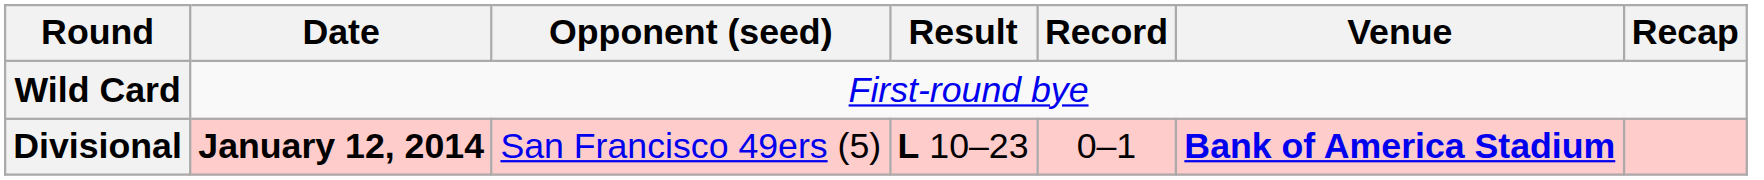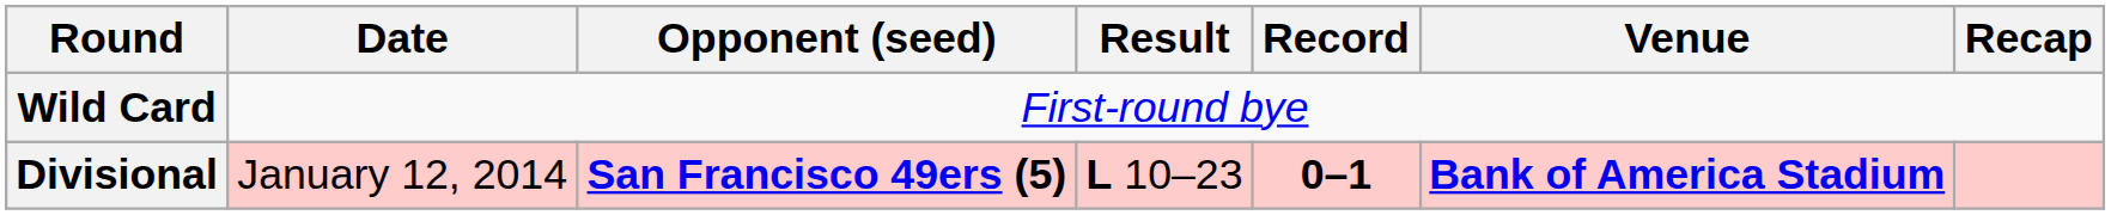 <table class="wikitable" style="text-align:center">
 <tr>
 <th>Round</th>
 <th>Date</th>
 <th>Opponent (seed)</th>
 <th>Result</th>
 <th>Record</th>
 <th>Venue</th>
 <th>Recap</th>
 </tr>
 <tr>
 <th>Wild Card</th>
 <td colspan="6"><em><a href='#'>First-round bye</a></em></td>
 </tr>
 <tr style="background:#fcc">
 <th>Divisional</th>
-<td><strong>January 12, 2014</strong></td>
-<td><a href='#'>San Francisco 49ers</a> (5)</td>
+<td>January 12, 2014</td>
+<td><strong><a href='#'>San Francisco 49ers</a> (5)</strong></td>
 <td><strong>L</strong> 10–23</td>
-<td>0–1</td>
+<td><strong>0–1</strong></td>
 <td><strong><a href='#'>Bank of America Stadium</a></strong></td>
 <td></td>
 </tr>
 </table>
